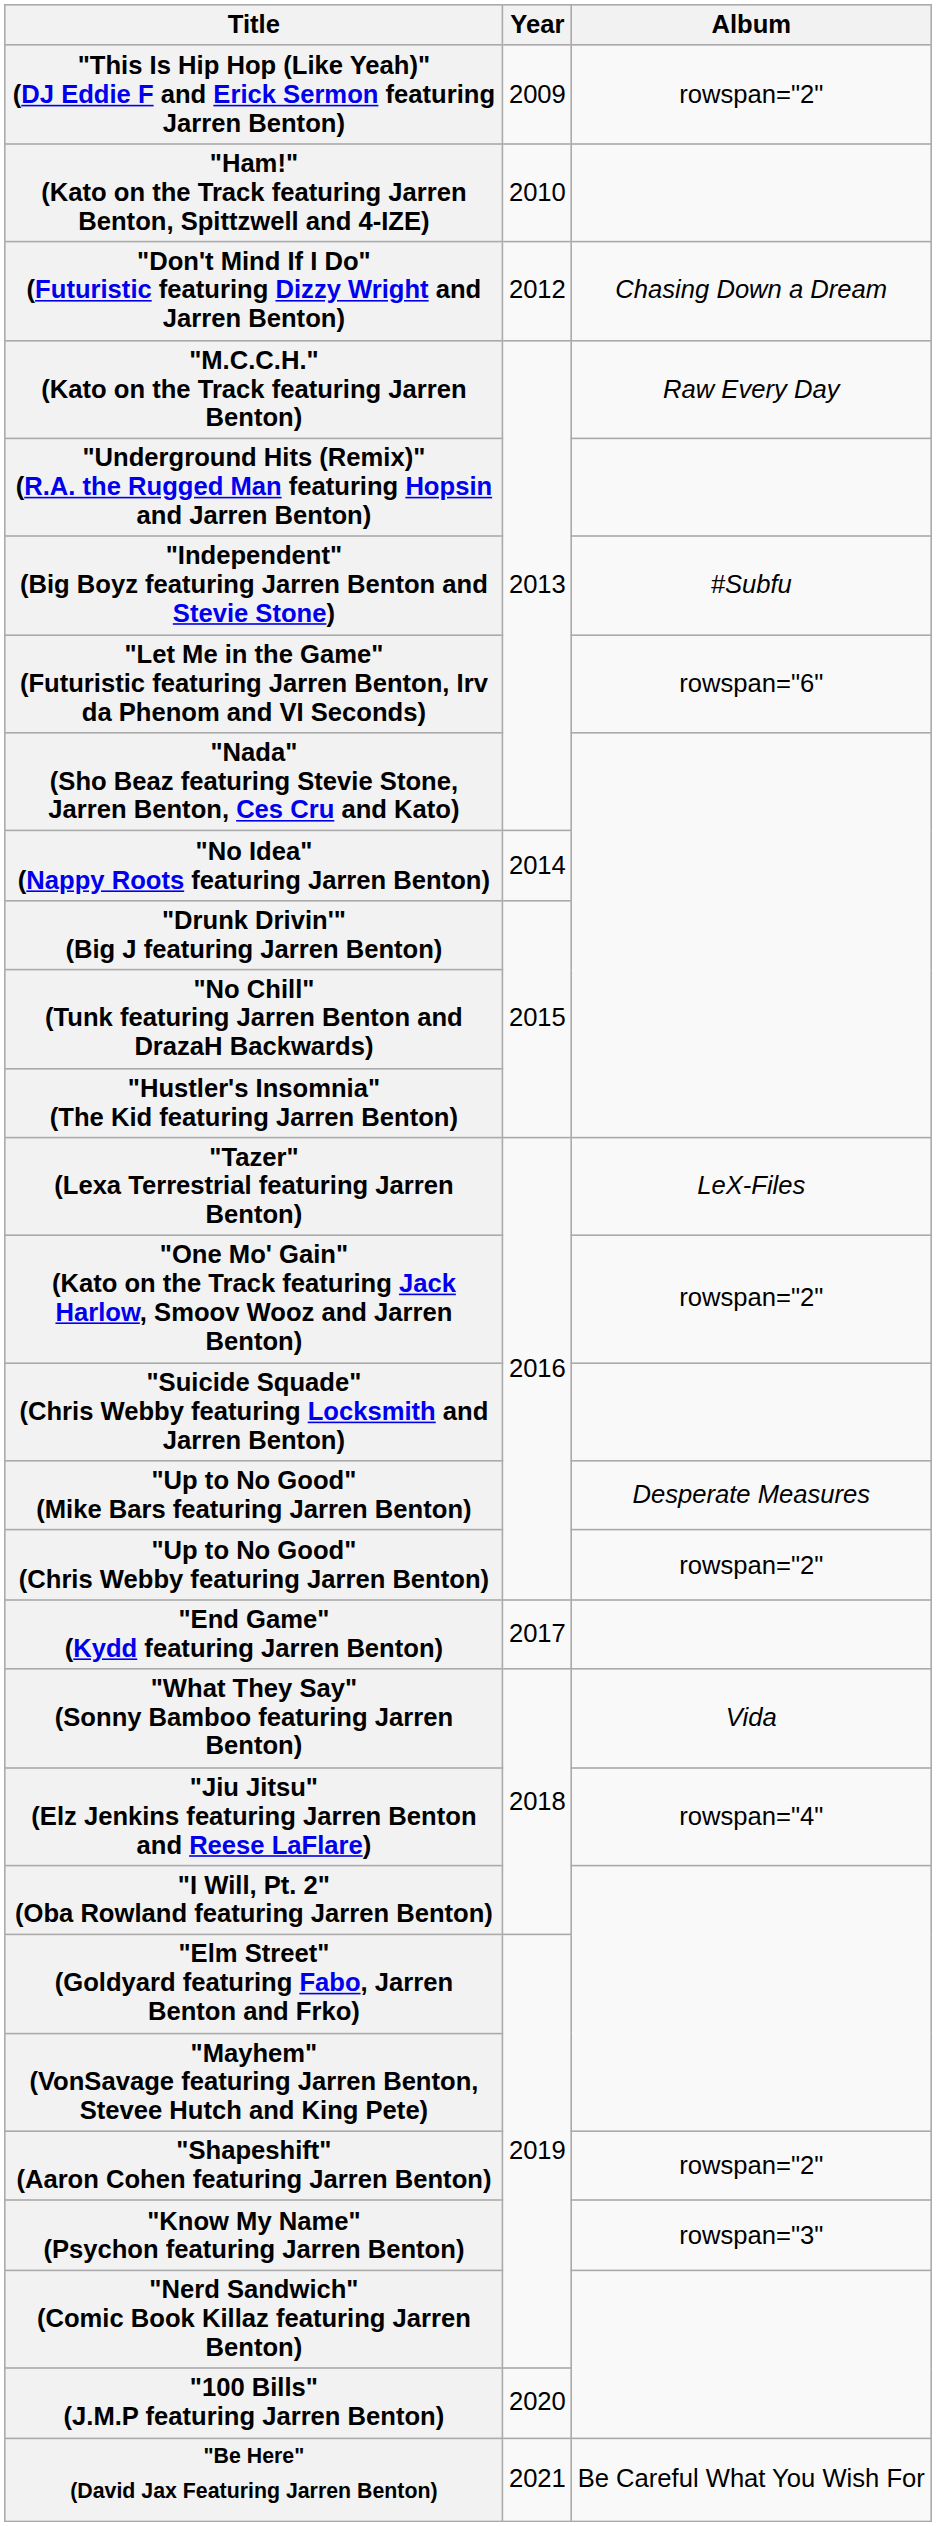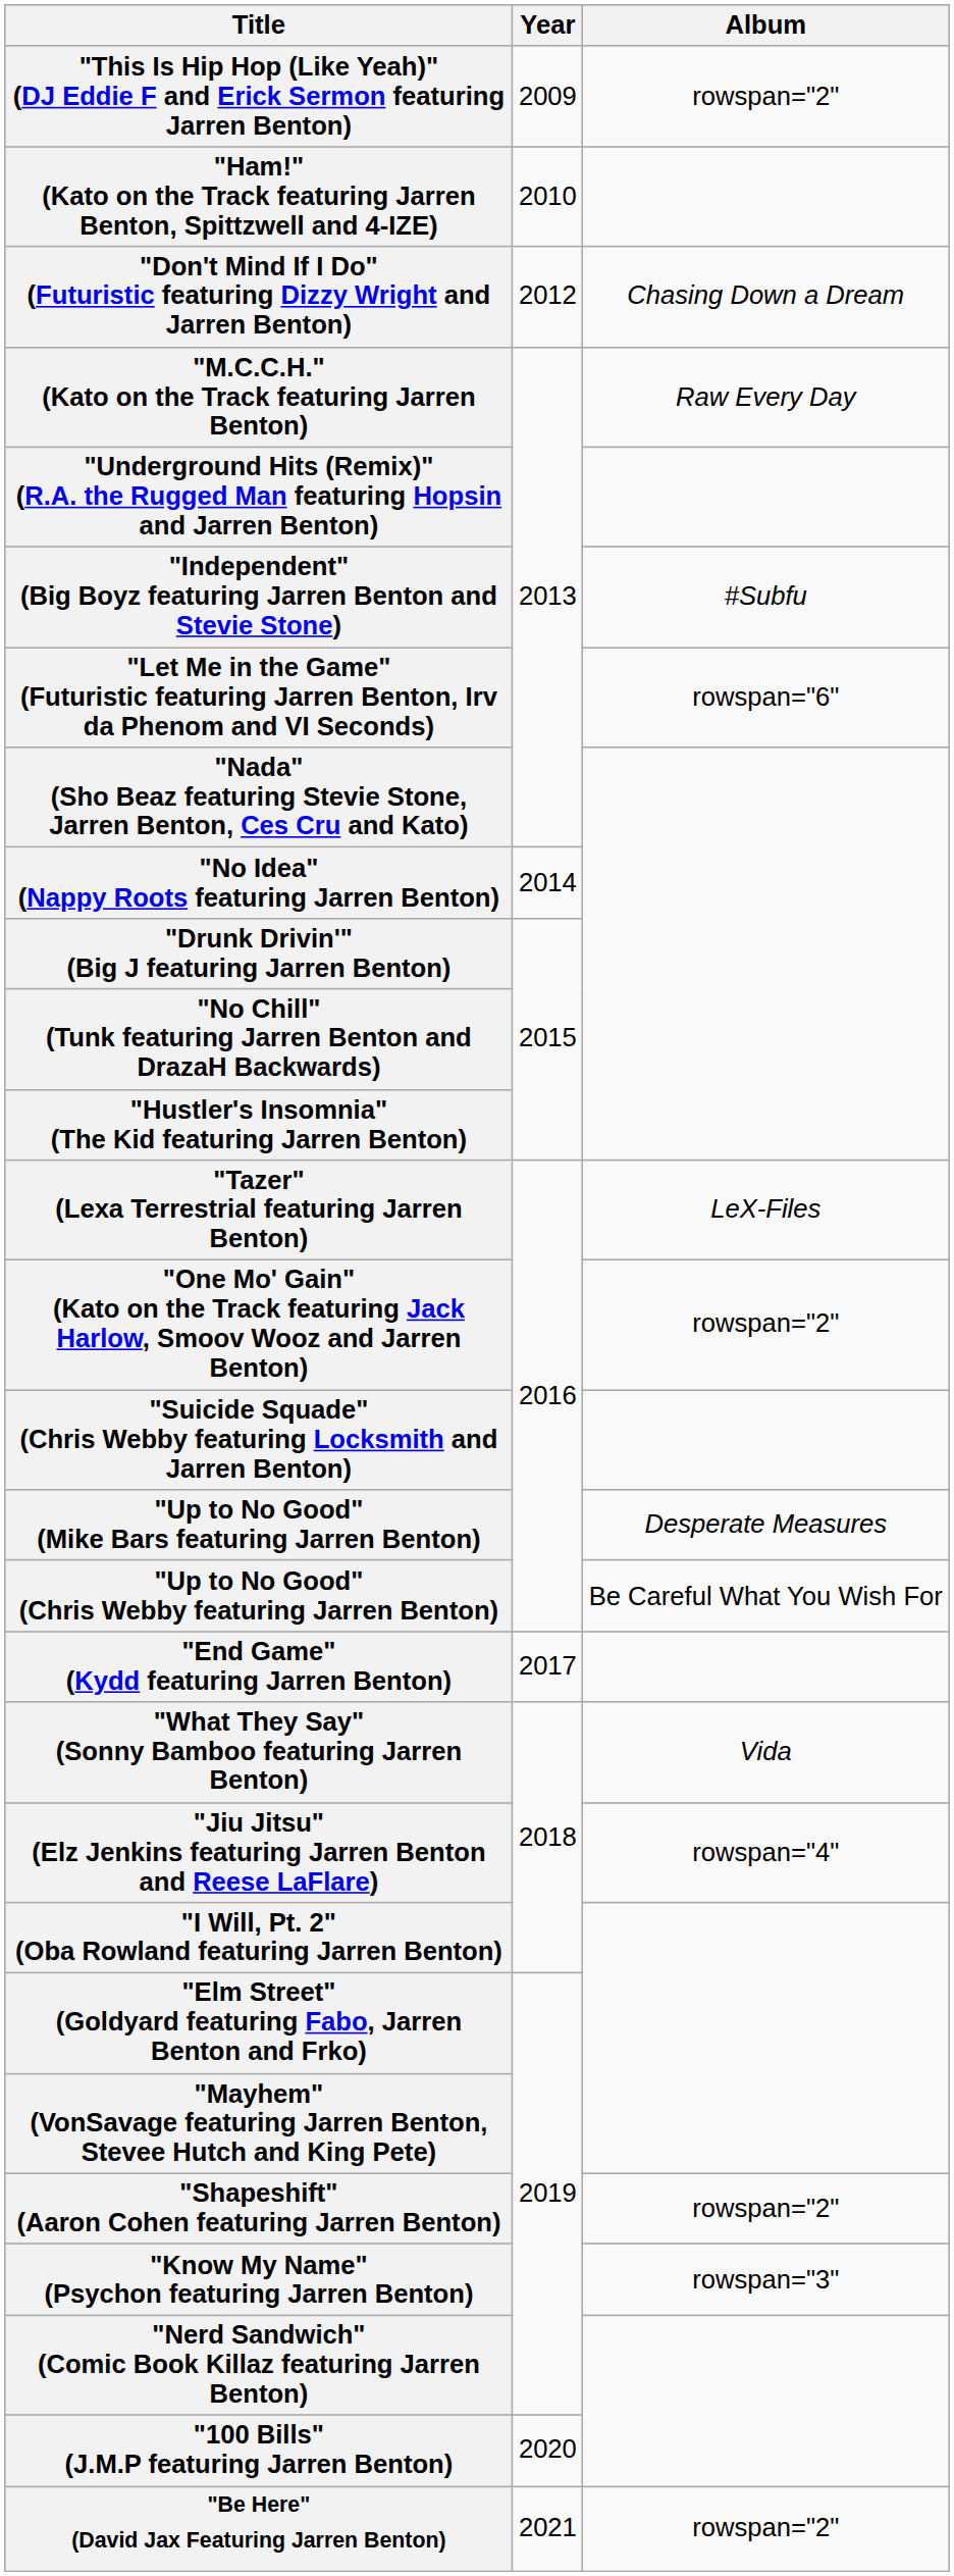 <table class="wikitable plainrowheaders" style="text-align:center;">
 <tr>
 <th scope="col" style="width:19em;">Title</th>
 <th scope="col">Year</th>
 <th scope="col">Album</th>
 </tr>
 <tr>
 <th scope="row">"This Is Hip Hop (Like Yeah)"<br><span>(<a href='#'>DJ Eddie F</a> and <a href='#'>Erick Sermon</a> featuring Jarren Benton)</span></th>
 <td>2009</td>
 <td>rowspan="2" </td>
 </tr>
 <tr>
 <th scope="row">"Ham!"<br><span>(Kato on the Track featuring Jarren Benton, Spittzwell and 4-IZE)</span></th>
 <td>2010</td>
 </tr>
 <tr>
 <th scope="row">"Don't Mind If I Do"<br><span>(<a href='#'>Futuristic</a> featuring <a href='#'>Dizzy Wright</a> and Jarren Benton)</span></th>
 <td>2012</td>
 <td><em>Chasing Down a Dream</em></td>
 </tr>
 <tr>
 <th scope="row">"M.C.C.H."<br><span>(Kato on the Track featuring Jarren Benton)</span></th>
 <td rowspan="5">2013</td>
 <td><em>Raw Every Day</em></td>
 </tr>
 <tr>
 <th scope="row">"Underground Hits (Remix)"<br><span>(<a href='#'>R.A. the Rugged Man</a> featuring <a href='#'>Hopsin</a> and Jarren Benton)</span></th>
 </tr>
 <tr>
 <th scope="row">"Independent"<br><span>(Big Boyz featuring Jarren Benton and <a href='#'>Stevie Stone</a>)</span></th>
 <td><em>#Subfu</em></td>
 </tr>
 <tr>
 <th scope="row">"Let Me in the Game"<br><span>(Futuristic featuring Jarren Benton, Irv da Phenom and VI Seconds)</span></th>
 <td>rowspan="6" </td>
 </tr>
 <tr>
 <th scope="row">"Nada"<br><span>(Sho Beaz featuring Stevie Stone, Jarren Benton, <a href='#'>Ces Cru</a> and Kato)</span></th>
 </tr>
 <tr>
 <th scope="row">"No Idea"<br><span>(<a href='#'>Nappy Roots</a> featuring Jarren Benton)</span></th>
 <td>2014</td>
 </tr>
 <tr>
 <th scope="row">"Drunk Drivin'"<br><span>(Big J featuring Jarren Benton)</span></th>
 <td rowspan="3">2015</td>
 </tr>
 <tr>
 <th scope="row">"No Chill"<br><span>(Tunk featuring Jarren Benton and DrazaH Backwards)</span></th>
 </tr>
 <tr>
 <th scope="row">"Hustler's Insomnia"<br><span>(The Kid featuring Jarren Benton)</span></th>
 </tr>
 <tr>
 <th scope="row">"Tazer"<br><span>(Lexa Terrestrial featuring Jarren Benton)</span></th>
 <td rowspan="5">2016</td>
 <td><em>LeX-Files</em></td>
 </tr>
 <tr>
 <th scope="row">"One Mo' Gain"<br><span>(Kato on the Track featuring <a href='#'>Jack Harlow</a>, Smoov Wooz and Jarren Benton)</span></th>
 <td>rowspan="2" </td>
 </tr>
 <tr>
 <th scope="row">"Suicide Squade"<br><span>(Chris Webby featuring <a href='#'>Locksmith</a> and Jarren Benton)</span></th>
 </tr>
 <tr>
 <th scope="row">"Up to No Good"<br><span>(Mike Bars featuring Jarren Benton)</span></th>
 <td><em>Desperate Measures</em></td>
 </tr>
 <tr>
 <th scope="row">"Up to No Good"<br><span>(Chris Webby featuring Jarren Benton)</span></th>
-<td>rowspan="2" </td>
+<td>Be Careful What You Wish For</td>
 </tr>
 <tr>
 <th scope="row">"End Game"<br><span>(<a href='#'>Kydd</a> featuring Jarren Benton)</span></th>
 <td>2017</td>
 </tr>
 <tr>
 <th scope="row">"What They Say"<br><span>(Sonny Bamboo featuring Jarren Benton)</span></th>
 <td rowspan="3">2018</td>
 <td><em>Vida</em></td>
 </tr>
 <tr>
 <th scope="row">"Jiu Jitsu"<br><span>(Elz Jenkins featuring Jarren Benton and <a href='#'>Reese LaFlare</a>)</span></th>
 <td>rowspan="4" </td>
 </tr>
 <tr>
 <th scope="row">"I Will, Pt. 2"<br><span>(Oba Rowland featuring Jarren Benton)</span></th>
 </tr>
 <tr>
 <th scope="row">"Elm Street"<br><span>(Goldyard featuring <a href='#'>Fabo</a>, Jarren Benton and Frko)</span></th>
 <td rowspan="5">2019</td>
 </tr>
 <tr>
 <th scope="row">"Mayhem"<br><span>(VonSavage featuring Jarren Benton, Stevee Hutch and King Pete)</span></th>
 </tr>
 <tr>
 <th scope="row">"Shapeshift"<br><span>(Aaron Cohen featuring Jarren Benton)</span></th>
 <td>rowspan="2" </td>
 </tr>
 <tr>
 <th scope="row">"Know My Name"<br><span>(Psychon featuring Jarren Benton)</span></th>
 <td>rowspan="3" </td>
 </tr>
 <tr>
 <th scope="row">"Nerd Sandwich"<br><span>(Comic Book Killaz featuring Jarren Benton)</span></th>
 </tr>
 <tr>
 <th scope="row">"100 Bills"<br><span>(J.M.P featuring Jarren Benton)</span></th>
 <td>2020</td>
 </tr>
 <tr>
 <th><sup>"Be Here"</sup><br><sup>(David Jax Featuring Jarren Benton)</sup></th>
 <td>2021</td>
-<td>Be Careful What You Wish For</td>
+<td>rowspan="2" </td>
 </tr>
 <tr>
 </tr>
 </table>
